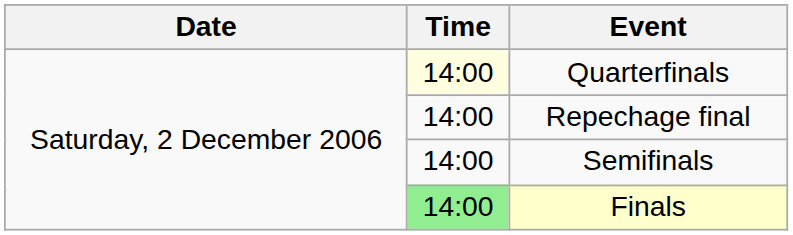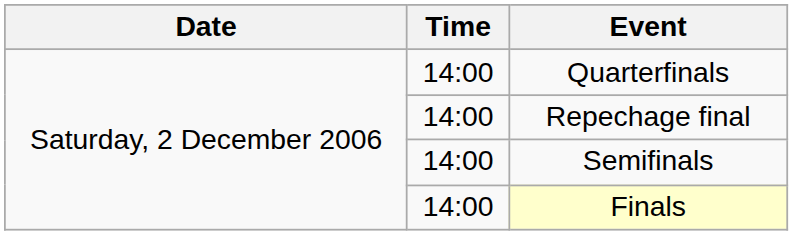 <table class = "wikitable" style="text-align:center;">
 <tr>
 <th width=220>Date</th>
 <th width=50>Time</th>
 <th width=150>Event</th>
 </tr>
 <tr>
 <td rowspan=4>Saturday, 2 December 2006</td>
-<td style="background: lightyellow;">14:00</td>
+<td>14:00</td>
 <td>Quarterfinals</td>
 </tr>
 <tr>
 <td>14:00</td>
 <td>Repechage final</td>
 </tr>
 <tr>
 <td>14:00</td>
 <td>Semifinals</td>
 </tr>
 <tr>
-<td style="background: lightgreen;">14:00</td>
+<td>14:00</td>
 <td bgcolor=ffffcc>Finals</td>
 </tr>
 </table>
